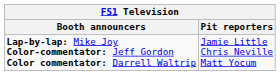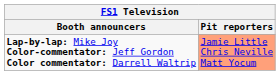 <table class="wikitable" style="font-size: 95%;">
 <tr>
 <th colspan="2"><a href='#'>FS1</a> Television</th>
 </tr>
 <tr>
 <th>Booth announcers</th>
 <th>Pit reporters</th>
 </tr>
 <tr>
 <td><strong>Lap-by-lap:</strong> <a href='#'>Mike Joy</a> <br><strong>Color-commentator:</strong> <a href='#'>Jeff Gordon</a> <br><strong>Color commentator:</strong> <a href='#'>Darrell Waltrip</a></td>
-<td><a href='#'>Jamie Little</a><br><a href='#'>Chris Neville</a><br><a href='#'>Matt Yocum</a></td>
+<td style="background: lightsalmon;"><a href='#'>Jamie Little</a><br><a href='#'>Chris Neville</a><br><a href='#'>Matt Yocum</a></td>
 </tr>
 </table>
